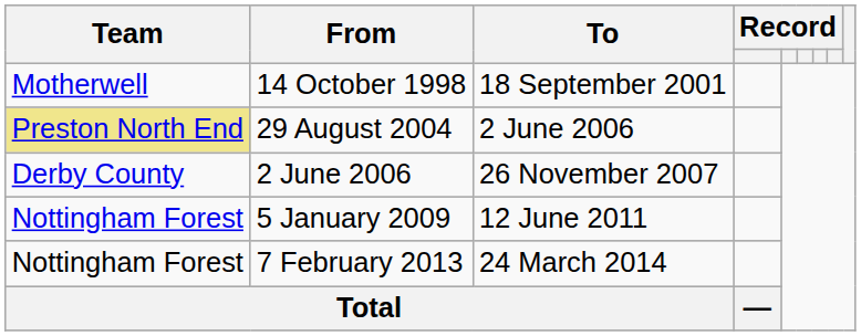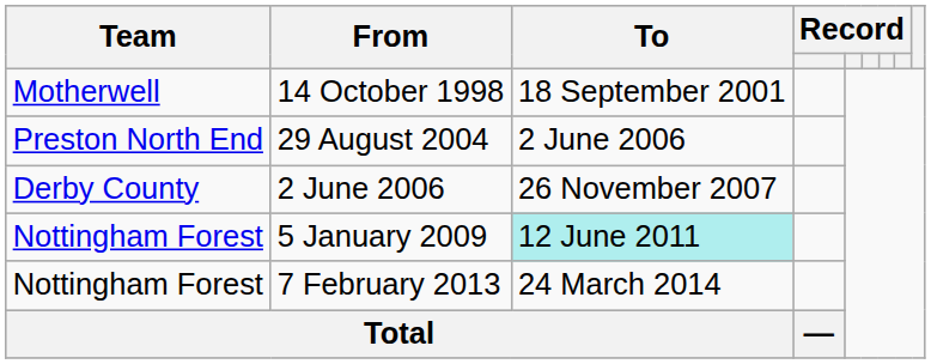 <table class=wikitable style="text-align: center">
 <tr>
 <th rowspan=2>Team</th>
 <th rowspan=2>From</th>
 <th rowspan=2>To</th>
 <th colspan=5>Record</th>
 <th rowspan=2></th>
 </tr>
 <tr>
 <th></th>
 <th></th>
 <th></th>
 <th></th>
 <th></th>
 </tr>
 <tr>
 <td align=left><a href='#'>Motherwell</a></td>
 <td align=left>14 October 1998</td>
 <td align=left>18 September 2001<br></td>
 <td></td>
 </tr>
 <tr>
-<td align=left style="background: khaki;"><a href='#'>Preston North End</a></td>
+<td align=left><a href='#'>Preston North End</a></td>
 <td align=left>29 August 2004</td>
 <td align=left>2 June 2006<br></td>
 <td></td>
 </tr>
 <tr>
 <td align=left><a href='#'>Derby County</a></td>
 <td align=left>2 June 2006</td>
 <td align=left>26 November 2007<br></td>
 <td></td>
 </tr>
 <tr>
 <td align=left><a href='#'>Nottingham Forest</a></td>
 <td align=left>5 January 2009</td>
-<td align=left>12 June 2011<br></td>
+<td align=left style="background: paleturquoise;">12 June 2011<br></td>
 <td></td>
 </tr>
 <tr>
 <td align=left>Nottingham Forest</td>
 <td align=left>7 February 2013</td>
 <td align=left>24 March 2014<br></td>
 <td></td>
 </tr>
 <tr>
 <th colspan=3>Total<br></th>
 <th>—</th>
 </tr>
 </table>
